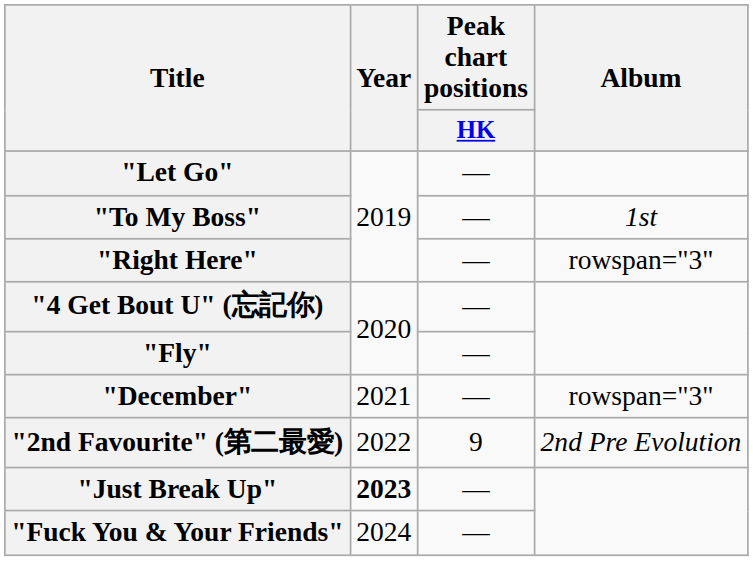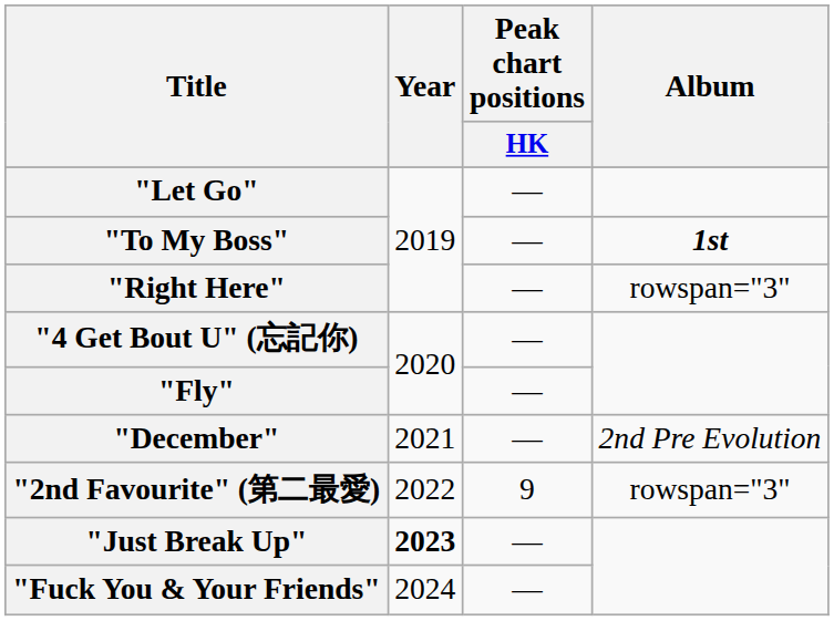 <table class="wikitable plainrowheaders" style="text-align:center">
 <tr>
 <th rowspan="2">Title</th>
 <th rowspan="2">Year</th>
 <th>Peak chart positions</th>
 <th rowspan="2">Album</th>
 </tr>
 <tr>
 <th scope="col" style="width:2.5em;font-size:90%;"><a href='#'>HK</a><br></th>
 </tr>
 <tr>
 <th scope="row">"Let Go" </th>
 <td rowspan="3">2019</td>
 <td>—</td>
 <td></td>
 </tr>
 <tr>
 <th scope="row">"To My Boss" </th>
 <td>—</td>
-<td><em>1st</em></td>
+<td><strong><em>1st</em></strong></td>
 </tr>
 <tr>
 <th scope="row">"Right Here" </th>
 <td>—</td>
 <td>rowspan="3" </td>
 </tr>
 <tr>
 <th scope="row">"4 Get Bout U" (忘記你) </th>
 <td rowspan="2">2020</td>
 <td>—</td>
 </tr>
 <tr>
 <th scope="row">"Fly" </th>
 <td>—</td>
 </tr>
 <tr>
 <th scope="row">"December" </th>
 <td>2021</td>
 <td>—</td>
-<td>rowspan="3" </td>
+<td><em>2nd Pre Evolution</em></td>
 </tr>
 <tr>
 <th scope="row">"2nd Favourite" (第二最愛) </th>
 <td>2022</td>
 <td>9</td>
-<td><em>2nd Pre Evolution</em></td>
+<td>rowspan="3" </td>
 </tr>
 <tr>
 <th scope="row">"Just Break Up" </th>
 <td><strong>2023</strong></td>
 <td>—</td>
 </tr>
 <tr>
 <th scope="row">"Fuck You & Your Friends" </th>
 <td>2024</td>
 <td>—</td>
 </tr>
 </table>
